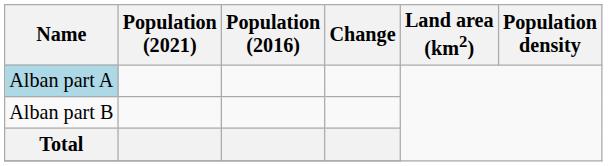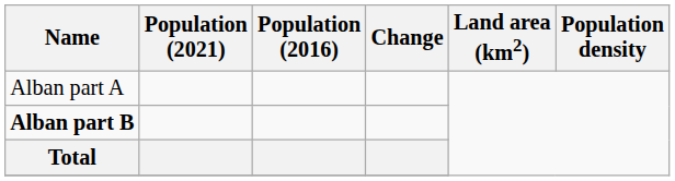 <table class="wikitable sortable collapsible">
 <tr>
 <th scope="col">Name</th>
 <th scope="col">Population<br>(2021)</th>
 <th scope="col">Population<br>(2016)</th>
 <th scope="col">Change</th>
 <th scope="col">Land area<br>(km<sup>2</sup>)</th>
 <th scope="col">Population<br>density</th>
 </tr>
 <tr>
-<td scope="row" style="background: lightblue;">Alban part A</td>
+<td scope="row">Alban part A</td>
 <td></td>
 <td align=center></td>
 <td align=center></td>
 </tr>
 <tr>
-<td scope="row">Alban part B</td>
+<td scope="row"><strong>Alban part B</strong></td>
 <td></td>
 <td align=center></td>
 <td align=center></td>
 </tr>
 <tr class="sortbottom" align="center" style="background: #f2f2f2;">
 <td><strong>Total</strong></td>
 <td></td>
 <td align=center><strong></strong></td>
 <td><strong></strong></td>
 </tr>
 <tr>
 </tr>
 </table>
